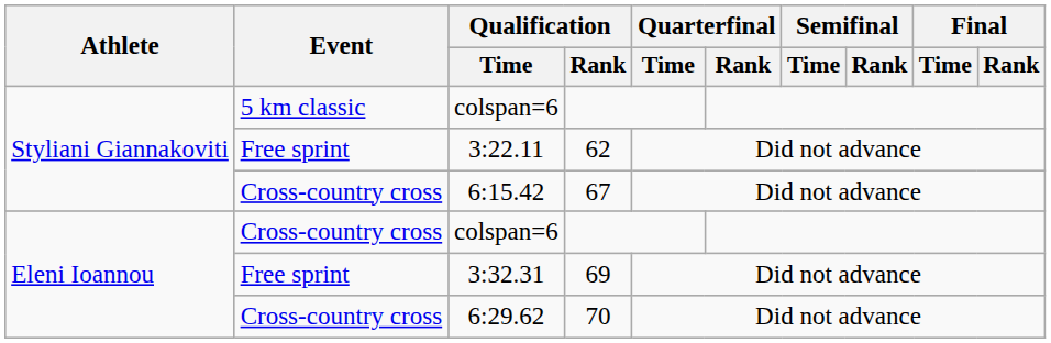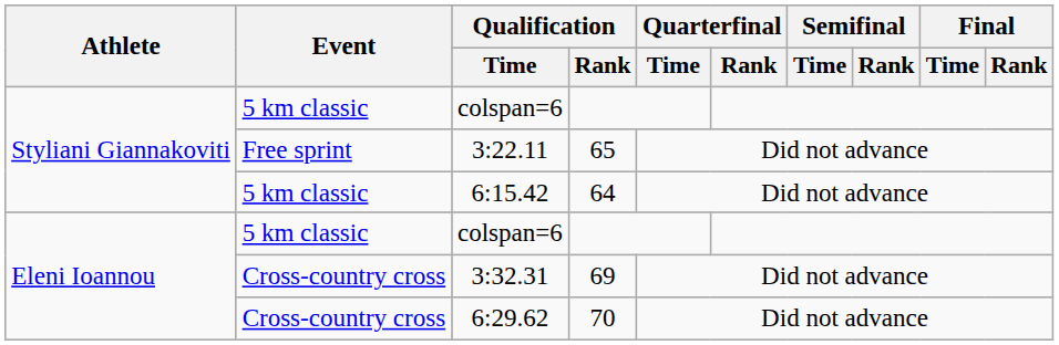 <table class="wikitable" style="font-size:90%">
 <tr>
 <th rowspan="2">Athlete</th>
 <th rowspan="2">Event</th>
 <th colspan="2">Qualification</th>
 <th colspan="2">Quarterfinal</th>
 <th colspan="2">Semifinal</th>
 <th colspan="2">Final</th>
 </tr>
 <tr style="font-size:95%">
 <th>Time</th>
 <th>Rank</th>
 <th>Time</th>
 <th>Rank</th>
 <th>Time</th>
 <th>Rank</th>
 <th>Time</th>
 <th>Rank</th>
 </tr>
 <tr align=center>
 <td align=left rowspan=3><a href='#'>Styliani Giannakoviti</a></td>
 <td align=left><a href='#'>5 km classic</a></td>
 <td>colspan=6 </td>
 <td colspan=2></td>
 </tr>
 <tr align=center>
 <td align=left><a href='#'>Free sprint</a></td>
 <td>3:22.11</td>
-<td>62</td>
+<td>65</td>
 <td colspan=6>Did not advance</td>
 </tr>
 <tr align=center>
-<td align=left><a href='#'>Cross-country cross</a></td>
+<td align=left><a href='#'>5 km classic</a></td>
 <td>6:15.42</td>
-<td>67</td>
+<td>64</td>
 <td colspan=6>Did not advance</td>
 </tr>
 <tr align=center>
 <td align=left rowspan=3><a href='#'>Eleni Ioannou</a></td>
-<td align=left><a href='#'>Cross-country cross</a></td>
+<td align=left><a href='#'>5 km classic</a></td>
 <td>colspan=6 </td>
 <td colspan=2></td>
 </tr>
 <tr align=center>
-<td align=left><a href='#'>Free sprint</a></td>
+<td align=left><a href='#'>Cross-country cross</a></td>
 <td>3:32.31</td>
 <td>69</td>
 <td colspan=6>Did not advance</td>
 </tr>
 <tr align=center>
 <td align=left><a href='#'>Cross-country cross</a></td>
 <td>6:29.62</td>
 <td>70</td>
 <td colspan=6>Did not advance</td>
 </tr>
 </table>
